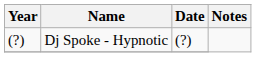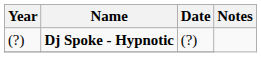 <table class="wikitable">
 <tr>
 <th>Year</th>
 <th>Name</th>
 <th>Date</th>
 <th>Notes</th>
 </tr>
 <tr>
 <td>(?)</td>
-<td>Dj Spoke - Hypnotic</td>
+<td><strong>Dj Spoke - Hypnotic</strong></td>
 <td>(?)</td>
 </tr>
 <tr>
 </tr>
 </table>
